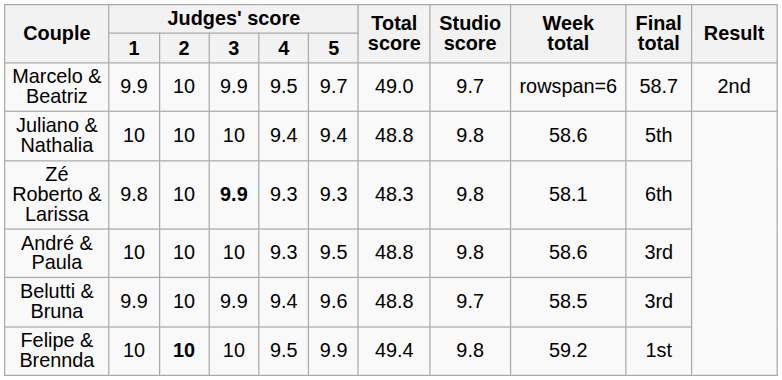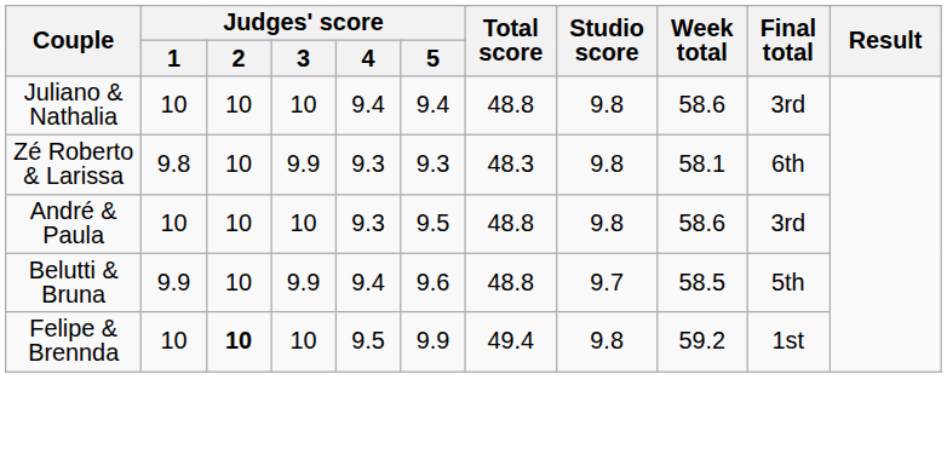 <table class="wikitable" style="font-size:100%; line-height:16px; text-align:center" width="100%">
 <tr>
 <th rowspan=2 width="11.00%">Couple</th>
 <th colspan=5>Judges' score</th>
 <th rowspan=2 width="05.25%">Total<br>score</th>
 <th rowspan=2 width="05.25%">Studio<br>score</th>
 <th rowspan=2 width="05.25%">Week<br>total</th>
 <th rowspan=2 width="05.25%">Final<br>total</th>
 <th rowspan=2 width="09.00%">Result</th>
 </tr>
 <tr>
 <th width="05.25%">1</th>
 <th width="05.25%">2</th>
 <th width="05.25%">3</th>
 <th width="05.25%">4</th>
 <th width="05.25%">5</th>
 </tr>
 <tr>
-<td>Marcelo & Beatriz</td>
-<td>9.9</td>
-<td>10</td>
-<td>9.9</td>
-<td>9.5</td>
-<td>9.7</td>
-<td>49.0</td>
-<td>9.7</td>
-<td>rowspan=6 </td>
-<td>58.7</td>
-<td>2nd</td>
-</tr>
-<tr>
 <td>Juliano & Nathalia</td>
 <td>10</td>
 <td>10</td>
 <td>10</td>
 <td>9.4</td>
 <td>9.4</td>
 <td>48.8</td>
 <td>9.8</td>
 <td>58.6</td>
-<td>5th</td>
+<td>3rd</td>
 </tr>
 <tr>
 <td>Zé Roberto & Larissa</td>
 <td>9.8</td>
 <td>10</td>
-<td><strong>9.9</strong></td>
+<td>9.9</td>
 <td>9.3</td>
 <td>9.3</td>
 <td>48.3</td>
 <td>9.8</td>
 <td>58.1</td>
 <td>6th</td>
 </tr>
 <tr>
 <td>André & Paula</td>
 <td>10</td>
 <td>10</td>
 <td>10</td>
 <td>9.3</td>
 <td>9.5</td>
 <td>48.8</td>
 <td>9.8</td>
 <td>58.6</td>
 <td>3rd</td>
 </tr>
 <tr>
 <td>Belutti & Bruna</td>
 <td>9.9</td>
 <td>10</td>
 <td>9.9</td>
 <td>9.4</td>
 <td>9.6</td>
 <td>48.8</td>
 <td>9.7</td>
 <td>58.5</td>
-<td>3rd</td>
+<td>5th</td>
 </tr>
 <tr>
 <td>Felipe & Brennda</td>
 <td>10</td>
 <td><strong>10</strong></td>
 <td>10</td>
 <td>9.5</td>
 <td>9.9</td>
 <td>49.4</td>
 <td>9.8</td>
 <td>59.2</td>
 <td>1st</td>
 </tr>
 </table>
